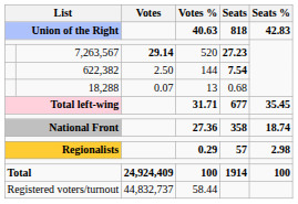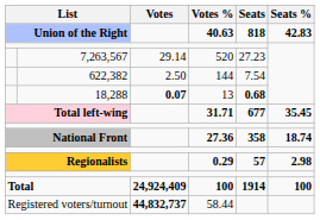 <table class=wikitable style=text-align:right>
 <tr>
 <th colspan=2>List</th>
 <th>Votes</th>
 <th>Votes %</th>
 <th>Seats</th>
 <th>Seats %</th>
 </tr>
 <tr>
 <td colspan=2 style="background-color:#ADC1FD"><strong>Union of the Right</strong></td>
 <td style="text-align: right" style="background-color:#ADC1FD"><strong></strong></td>
 <td style="text-align: right" style="background-color:#ADC1FD"><strong>40.63</strong></td>
 <td style="text-align: right" style="background-color:#ADC1FD"><strong>818</strong></td>
 <td style="text-align: right" style="background-color:#ADC1FD"><strong>42.83</strong></td>
 </tr>
 <tr>
 <td colspan=5></td>
 </tr>
 <tr>
 <td></td>
 <td>7,263,567</td>
-<td><strong>29.14</strong></td>
+<td>29.14</td>
 <td>520</td>
-<td><strong>27.23</strong></td>
+<td>27.23</td>
 </tr>
 <tr>
 <td></td>
 <td>622,382</td>
 <td>2.50</td>
 <td>144</td>
-<td><strong>7.54</strong></td>
+<td>7.54</td>
 </tr>
 <tr>
 <td></td>
 <td>18,288</td>
-<td>0.07</td>
+<td><strong>0.07</strong></td>
 <td>13</td>
-<td>0.68</td>
+<td><strong>0.68</strong></td>
 </tr>
 <tr>
 <td colspan=2 style="background-color:#ffd1dc"><strong>Total left-wing</strong></td>
 <td style="text-align: right" style="background-color:#ffd1dc"><strong></strong></td>
 <td style="text-align: right" style="background-color:#ffd1dc"><strong>31.71</strong></td>
 <td style="text-align: right" style="background-color:#ffd1dc"><strong>677</strong></td>
 <td style="text-align: right" style="background-color:#ffd1dc"><strong>35.45</strong></td>
 </tr>
 <tr>
 <td colspan=5></td>
 </tr>
 <tr>
 <td colspan=2 style="background-color:#C0C0C0"><strong>National Front</strong></td>
 <td style="text-align: right" style="background-color:#C0C0C0"><strong></strong></td>
 <td style="text-align: right" style="background-color:#C0C0C0"><strong>27.36</strong></td>
 <td style="text-align: right" style="background-color:#C0C0C0"><strong>358</strong></td>
 <td style="text-align: right" style="background-color:#C0C0C0"><strong>18.74</strong></td>
 </tr>
 <tr>
 <td colspan=5></td>
 </tr>
 <tr>
 <td colspan=2 style="background-color:#ffcc33"><strong>Regionalists</strong></td>
 <td style="text-align: right" style="background-color:#ffcc33"><strong></strong></td>
 <td style="text-align: right" style="background-color:#ffcc33"><strong>0.29</strong></td>
 <td style="text-align: right" style="background-color:#ffcc33"><strong>57</strong></td>
 <td style="text-align: right" style="background-color:#ffcc33"><strong>2.98</strong></td>
 </tr>
 <tr>
 <td colspan=5></td>
 </tr>
 <tr>
 <td colspan=2 align=left><strong>Total</strong></td>
 <td><strong>24,924,409</strong></td>
 <td><strong>100</strong></td>
 <td><strong>1914</strong></td>
 <td><strong>100</strong></td>
 </tr>
 <tr>
 <td colspan=2 align=left>Registered voters/turnout</td>
-<td>44,832,737</td>
+<td><strong>44,832,737</strong></td>
 <td>58.44</td>
 <td></td>
 <td></td>
 </tr>
 </table>
